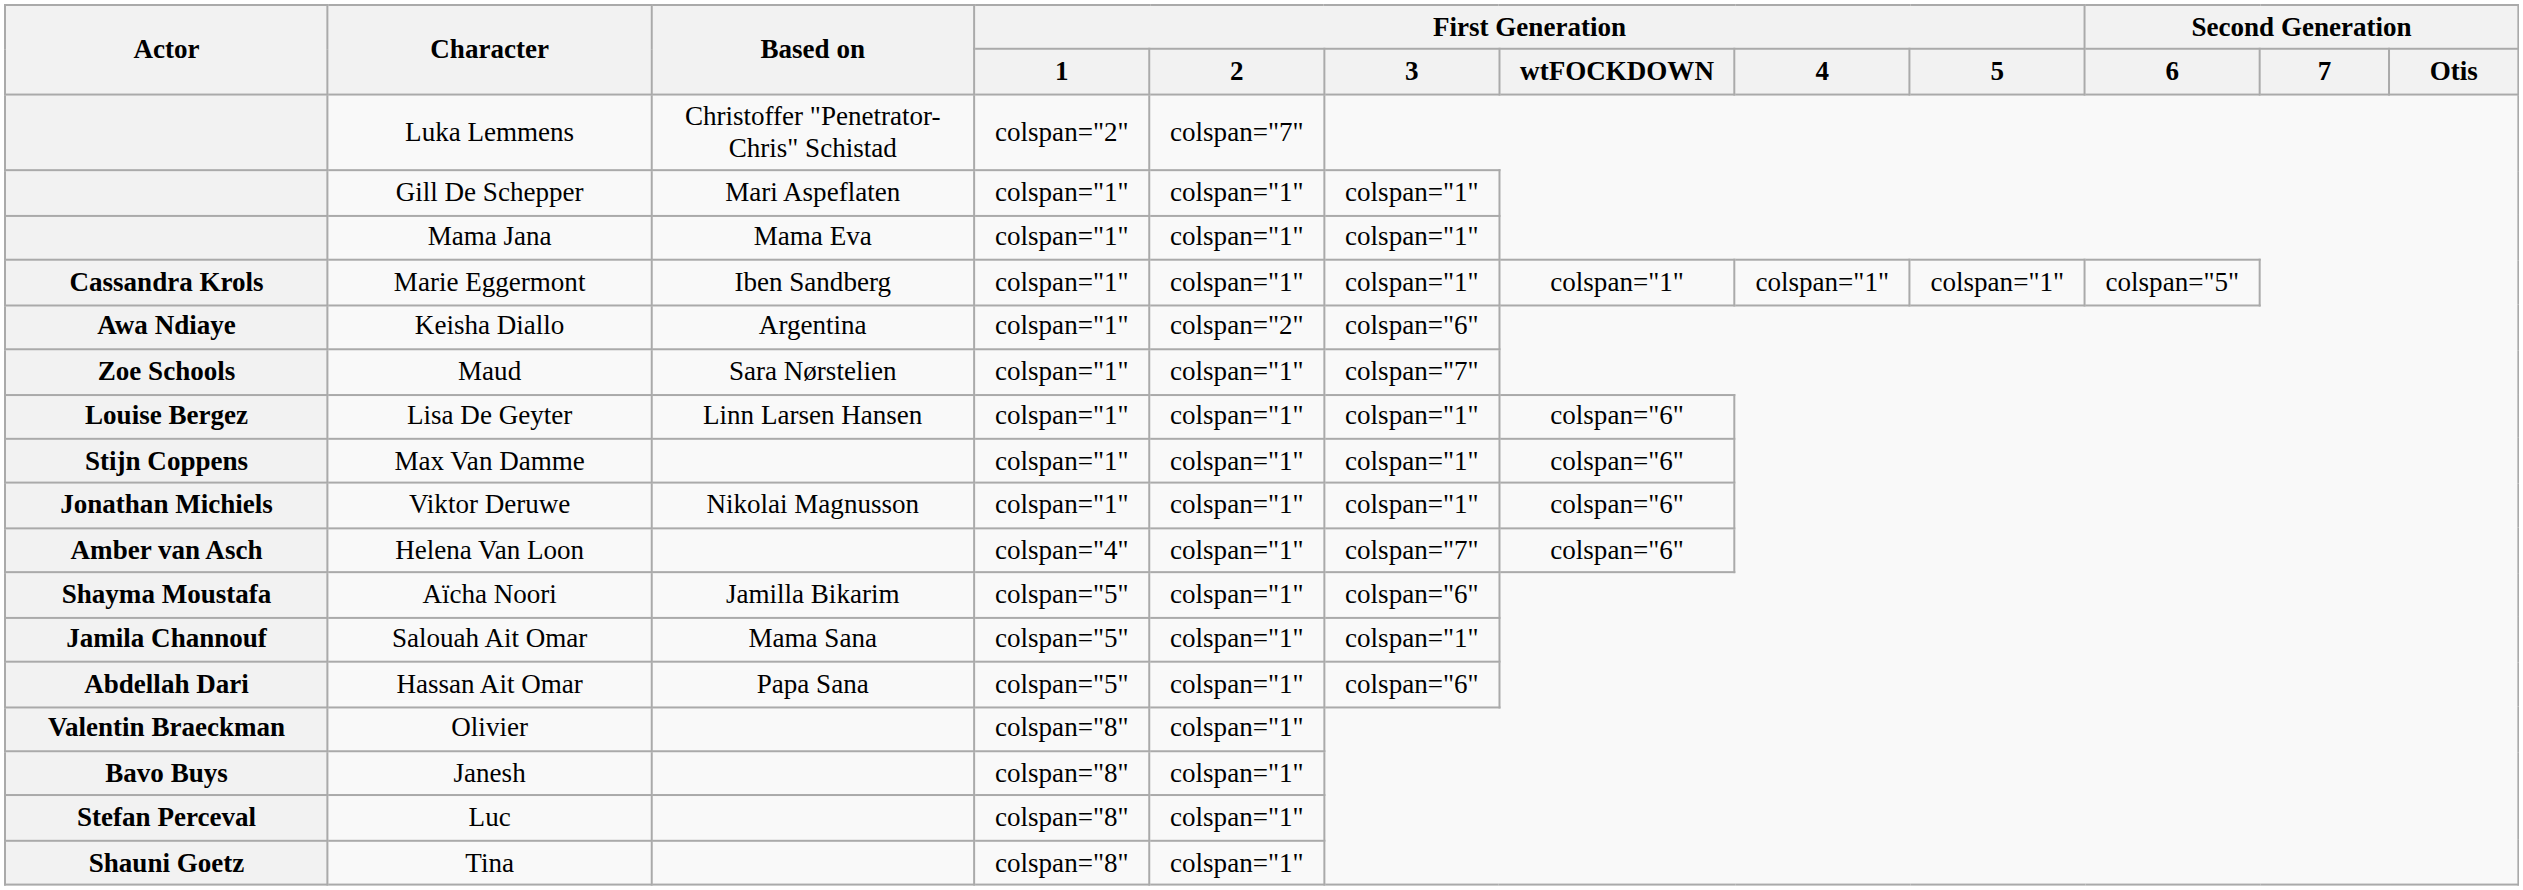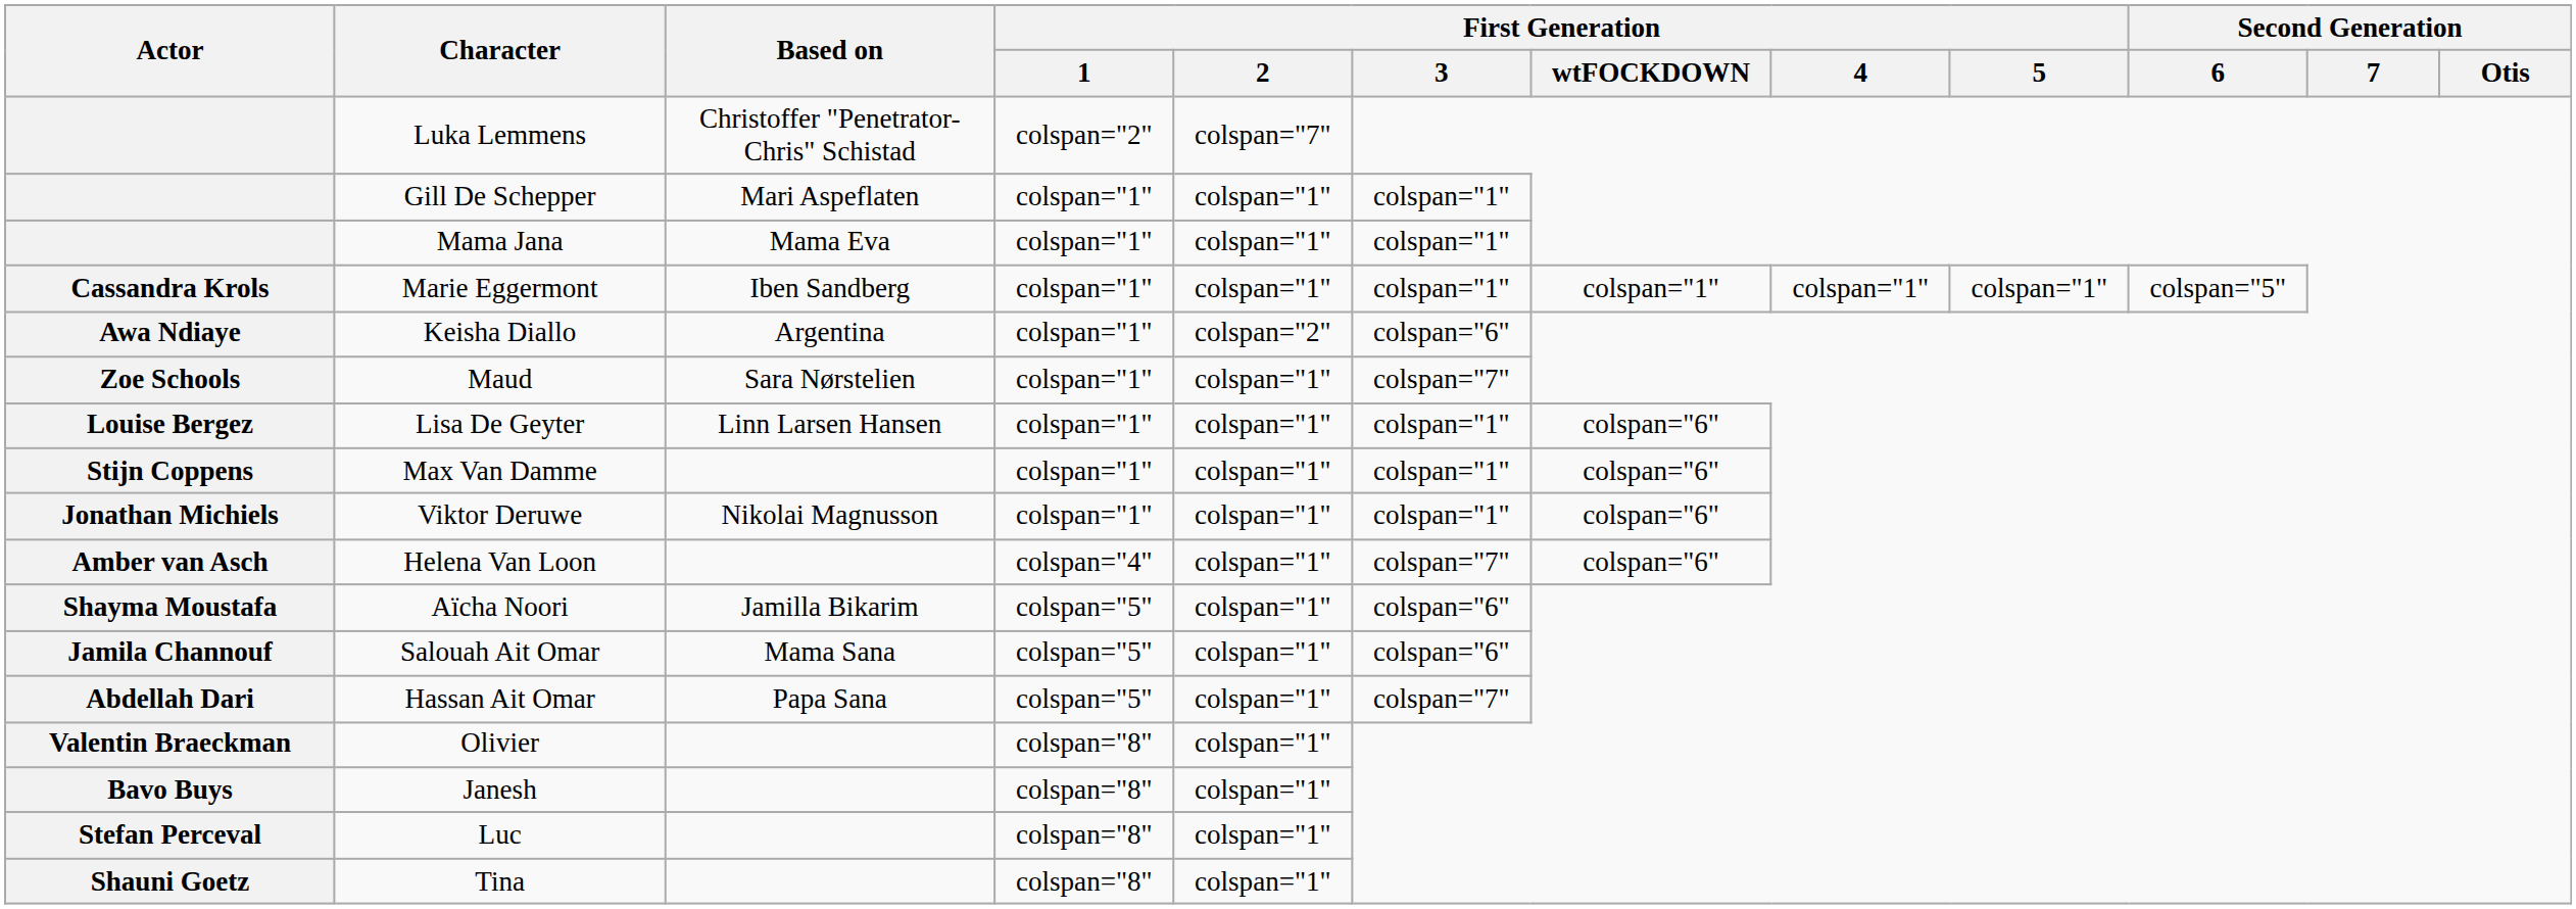 <table class="wikitable plainrowheaders" style="text-align:center; font-size:85%; width:100%">
 <tr>
 <th scope="col" rowspan="2" style="width:10%;">Actor</th>
 <th scope="col" rowspan="2" style="width:10%;">Character</th>
 <th scope="col" rowspan="2" style="width:10%;">Based on</th>
 <th colspan="6">First Generation</th>
 <th colspan="5">Second Generation</th>
 </tr>
 <tr>
 <th scope="col" style="width:4%;">1</th>
 <th scope="col" style="width:4%;">2</th>
 <th scope="col" style="width:4%;">3</th>
 <th scope="col" style="width:4%;">wtFOCKDOWN</th>
 <th scope="col" style="width:4%;">4</th>
 <th scope="col" style="width:4%;">5</th>
 <th scope="col" style="width:4%;">6</th>
 <th scope="col" style="width:4%;">7</th>
 <th scope="col" style="width:4%;">Otis</th>
 </tr>
 <tr>
 <th scope="row"></th>
 <td>Luka Lemmens</td>
 <td>Christoffer "Penetrator-Chris" Schistad</td>
 <td>colspan="2" </td>
 <td>colspan="7" </td>
 </tr>
 <tr>
 <th scope="row"></th>
 <td>Gill De Schepper</td>
 <td>Mari Aspeflaten</td>
 <td>colspan="1" </td>
 <td>colspan="1" </td>
 <td>colspan="1" </td>
 </tr>
 <tr>
 <th scope="row"></th>
 <td>Mama Jana</td>
 <td>Mama Eva</td>
 <td>colspan="1" </td>
 <td>colspan="1" </td>
 <td>colspan="1" </td>
 </tr>
 <tr>
 <th scope="row">Cassandra Krols</th>
 <td>Marie Eggermont</td>
 <td>Iben Sandberg</td>
 <td>colspan="1" </td>
 <td>colspan="1" </td>
 <td>colspan="1" </td>
 <td>colspan="1" </td>
 <td>colspan="1" </td>
 <td>colspan="1" </td>
 <td>colspan="5" </td>
 </tr>
 <tr>
 <th scope="row">Awa Ndiaye</th>
 <td>Keisha Diallo</td>
 <td>Argentina</td>
 <td>colspan="1" </td>
 <td>colspan="2" </td>
 <td>colspan="6" </td>
 </tr>
 <tr>
 <th scope="row">Zoe Schools</th>
 <td>Maud</td>
 <td>Sara Nørstelien</td>
 <td>colspan="1" </td>
 <td>colspan="1" </td>
 <td>colspan="7" </td>
 </tr>
 <tr>
 <th scope="row">Louise Bergez</th>
 <td>Lisa De Geyter</td>
 <td>Linn Larsen Hansen</td>
 <td>colspan="1" </td>
 <td>colspan="1" </td>
 <td>colspan="1" </td>
 <td>colspan="6" </td>
 </tr>
 <tr>
 <th scope="row">Stijn Coppens</th>
 <td>Max Van Damme</td>
 <td></td>
 <td>colspan="1" </td>
 <td>colspan="1" </td>
 <td>colspan="1" </td>
 <td>colspan="6" </td>
 </tr>
 <tr>
 <th scope="row">Jonathan Michiels</th>
 <td>Viktor Deruwe</td>
 <td>Nikolai Magnusson</td>
 <td>colspan="1" </td>
 <td>colspan="1" </td>
 <td>colspan="1" </td>
 <td>colspan="6" </td>
 </tr>
 <tr>
 <th scope="row">Amber van Asch</th>
 <td>Helena Van Loon</td>
 <td></td>
 <td>colspan="4" </td>
 <td>colspan="1" </td>
 <td>colspan="7" </td>
 <td>colspan="6" </td>
 </tr>
 <tr>
 <th scope="row">Shayma Moustafa</th>
 <td>Aïcha Noori</td>
 <td>Jamilla Bikarim</td>
 <td>colspan="5" </td>
 <td>colspan="1" </td>
 <td>colspan="6" </td>
 </tr>
 <tr>
 <th scope="row">Jamila Channouf</th>
 <td>Salouah Ait Omar</td>
 <td>Mama Sana</td>
 <td>colspan="5" </td>
 <td>colspan="1" </td>
-<td>colspan="1" </td>
+<td>colspan="6" </td>
 </tr>
 <tr>
 <th scope="row">Abdellah Dari</th>
 <td>Hassan Ait Omar</td>
 <td>Papa Sana</td>
 <td>colspan="5" </td>
 <td>colspan="1" </td>
-<td>colspan="6" </td>
+<td>colspan="7" </td>
 </tr>
 <tr>
 <th scope="row">Valentin Braeckman</th>
 <td>Olivier</td>
 <td></td>
 <td>colspan="8" </td>
 <td>colspan="1" </td>
 </tr>
 <tr>
 <th scope="row">Bavo Buys</th>
 <td>Janesh</td>
 <td></td>
 <td>colspan="8" </td>
 <td>colspan="1" </td>
 </tr>
 <tr>
 <th scope="row">Stefan Perceval</th>
 <td>Luc</td>
 <td></td>
 <td>colspan="8" </td>
 <td>colspan="1" </td>
 </tr>
 <tr>
 <th scope="row">Shauni Goetz</th>
 <td>Tina</td>
 <td></td>
 <td>colspan="8" </td>
 <td>colspan="1" </td>
 </tr>
 </table>
